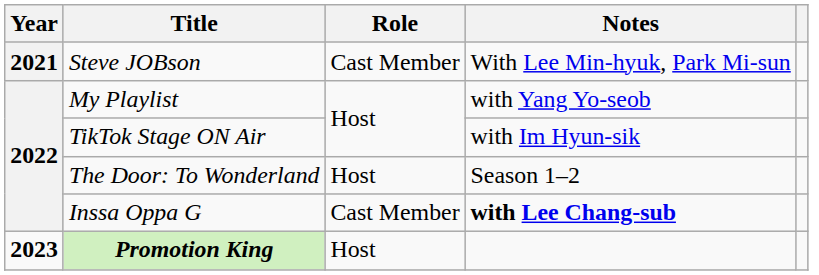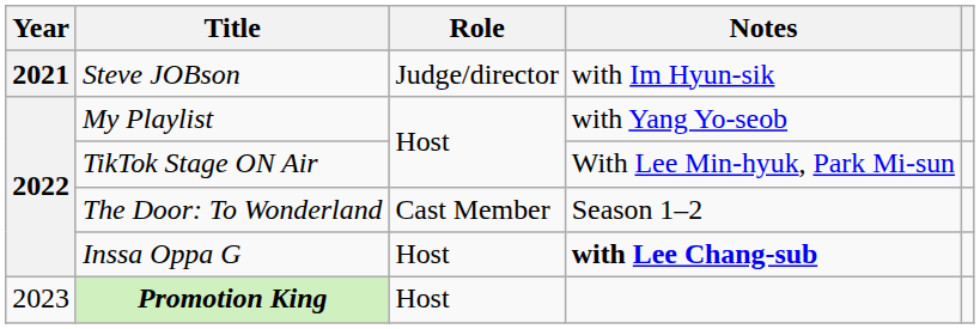 <table class="wikitable plainrowheaders sortable">
 <tr>
 <th scope="col">Year</th>
 <th scope="col">Title</th>
 <th scope="col">Role</th>
 <th scope="col" class="unsortable">Notes</th>
 <th scope="col" class="unsortable"></th>
 </tr>
 <tr>
 <th scope="row">2021</th>
 <td><em>Steve JOBson</em> </td>
-<td>Cast Member</td>
-<td>With <a href='#'>Lee Min-hyuk</a>, <a href='#'>Park Mi-sun</a></td>
+<td>Judge/director</td>
+<td>with <a href='#'>Im Hyun-sik</a></td>
 <td style="text-align:center"></td>
 </tr>
 <tr>
 <th scope="row" rowspan=4>2022</th>
 <td><em>My Playlist</em></td>
 <td rowspan=2>Host</td>
 <td>with <a href='#'>Yang Yo-seob</a></td>
 <td style="text-align:center"></td>
 </tr>
 <tr>
 <td><em>TikTok Stage ON Air</em></td>
-<td>with <a href='#'>Im Hyun-sik</a></td>
+<td>With <a href='#'>Lee Min-hyuk</a>, <a href='#'>Park Mi-sun</a></td>
 <td style="text-align:center"></td>
 </tr>
 <tr>
 <td><em>The Door: To Wonderland</em></td>
-<td>Host</td>
+<td>Cast Member</td>
 <td>Season 1–2</td>
 <td style="text-align:center"></td>
 </tr>
 <tr>
 <td><em>Inssa Oppa G</em></td>
-<td>Cast Member</td>
+<td>Host</td>
 <td><strong>with <a href='#'>Lee Chang-sub</a></strong></td>
 <td style="text-align:center"></td>
 </tr>
 <tr>
-<td><strong>2023</strong></td>
+<td>2023</td>
 <th style="background:#d0f0c0;”"><em>Promotion King</em> </th>
 <td>Host</td>
 <td></td>
 <td style="text-align:center"></td>
 </tr>
 </table>
